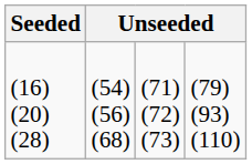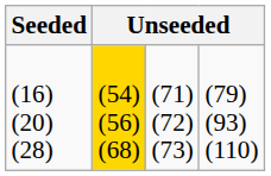 <table class="wikitable">
 <tr>
 <th>Seeded</th>
 <th colspan=3>Unseeded</th>
 </tr>
 <tr>
 <td><br> (16)<br>  (20)<br>  (28)</td>
-<td><br> (54)<br>  (56)<br>  (68)</td>
+<td style="background: gold;"><br> (54)<br>  (56)<br>  (68)</td>
 <td><br> (71)<br>  (72)<br>  (73)</td>
 <td><br> (79)<br>  (93)<br>  (110)</td>
 </tr>
 </table>
